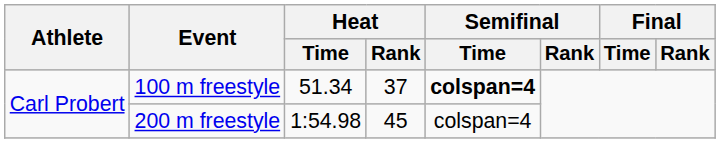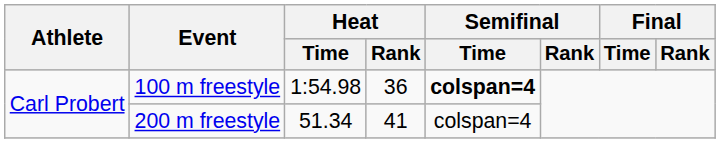 <table class=wikitable style=font-size:90%;text-align:center>
 <tr>
 <th rowspan=2>Athlete</th>
 <th rowspan=2>Event</th>
 <th colspan=2>Heat</th>
 <th colspan=2>Semifinal</th>
 <th colspan=2>Final</th>
 </tr>
 <tr style=font-size:95%>
 <th>Time</th>
 <th>Rank</th>
 <th>Time</th>
 <th>Rank</th>
 <th>Time</th>
 <th>Rank</th>
 </tr>
 <tr>
 <td align=left rowspan=2><a href='#'>Carl Probert</a></td>
 <td align=left><a href='#'>100 m freestyle</a></td>
-<td>51.34</td>
-<td>37</td>
+<td>1:54.98</td>
+<td>36</td>
 <td><strong>colspan=4 </strong></td>
 </tr>
 <tr>
 <td align=left><a href='#'>200 m freestyle</a></td>
-<td>1:54.98</td>
-<td>45</td>
+<td>51.34</td>
+<td>41</td>
 <td>colspan=4 </td>
 </tr>
 </table>
